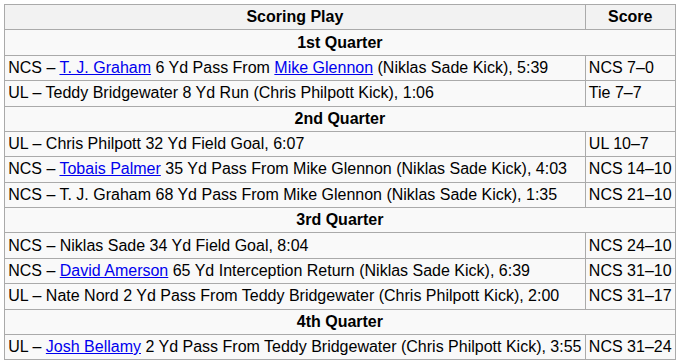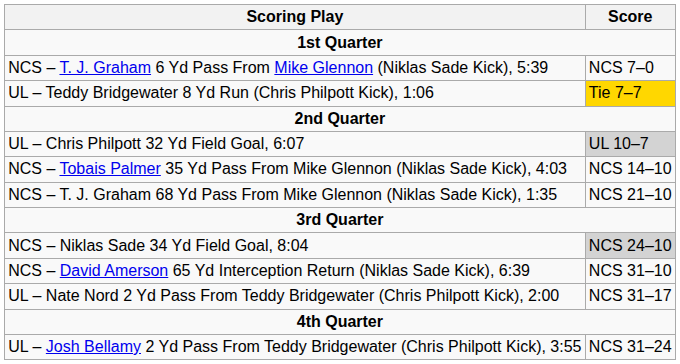 <table class="wikitable">
 <tr>
 <th>Scoring Play</th>
 <th>Score</th>
 </tr>
 <tr>
 <td colspan="4" align="center"><strong>1st Quarter</strong></td>
 </tr>
 <tr>
 <td>NCS – <a href='#'>T. J. Graham</a> 6 Yd Pass From <a href='#'>Mike Glennon</a> (Niklas Sade Kick), 5:39</td>
 <td>NCS 7–0</td>
 </tr>
 <tr>
 <td>UL – Teddy Bridgewater 8 Yd Run (Chris Philpott Kick), 1:06</td>
-<td>Tie 7–7</td>
+<td style="background: gold;">Tie 7–7</td>
 </tr>
 <tr>
 <td colspan="4" align="center"><strong>2nd Quarter</strong></td>
 </tr>
 <tr>
 <td>UL – Chris Philpott 32 Yd Field Goal, 6:07</td>
-<td>UL 10–7</td>
+<td style="background: lightgrey;">UL 10–7</td>
 </tr>
 <tr>
 <td>NCS – <a href='#'>Tobais Palmer</a> 35 Yd Pass From Mike Glennon (Niklas Sade Kick), 4:03</td>
 <td>NCS 14–10</td>
 </tr>
 <tr>
 <td>NCS – T. J. Graham 68 Yd Pass From Mike Glennon (Niklas Sade Kick), 1:35</td>
 <td>NCS 21–10</td>
 </tr>
 <tr>
 <td colspan="4" align="center"><strong>3rd Quarter</strong></td>
 </tr>
 <tr>
 <td>NCS – Niklas Sade 34 Yd Field Goal, 8:04</td>
-<td>NCS 24–10</td>
+<td style="background: lightgrey;">NCS 24–10</td>
 </tr>
 <tr>
 <td>NCS – <a href='#'>David Amerson</a> 65 Yd Interception Return (Niklas Sade Kick), 6:39</td>
 <td>NCS 31–10</td>
 </tr>
 <tr>
 <td>UL – Nate Nord 2 Yd Pass From Teddy Bridgewater (Chris Philpott Kick), 2:00</td>
 <td>NCS 31–17</td>
 </tr>
 <tr>
 <td colspan="4" align="center"><strong>4th Quarter</strong></td>
 </tr>
 <tr>
 <td>UL – <a href='#'>Josh Bellamy</a> 2 Yd Pass From Teddy Bridgewater (Chris Philpott Kick), 3:55</td>
 <td>NCS 31–24</td>
 </tr>
 </table>
